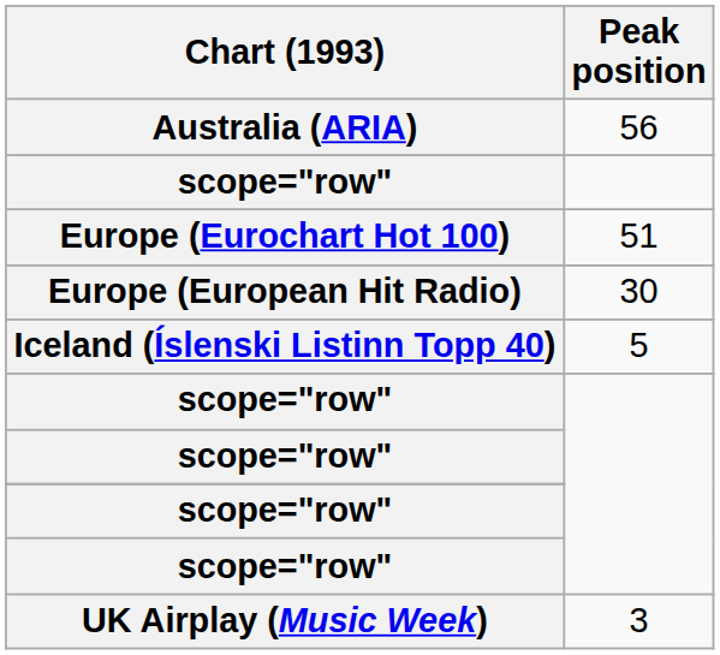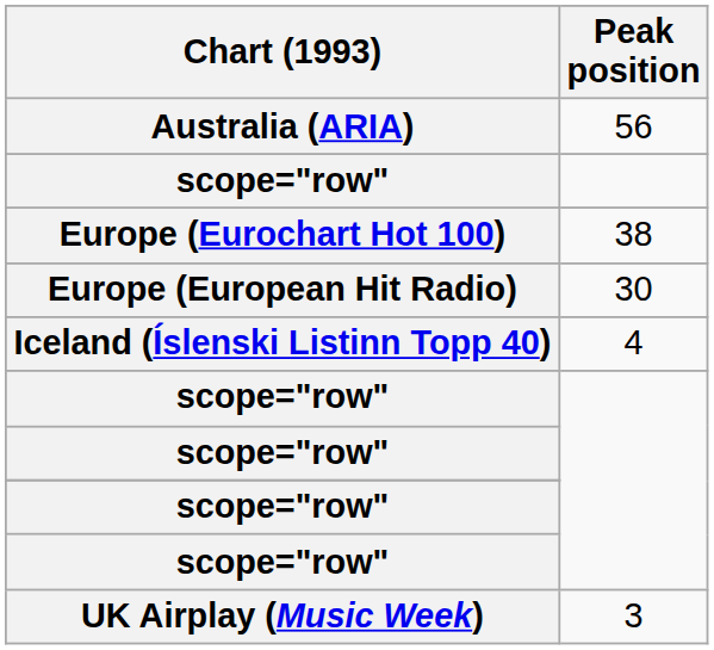 <table class="wikitable plainrowheaders sortable" style="text-align:center">
 <tr>
 <th scope="col">Chart (1993)</th>
 <th scope="col">Peak<br>position</th>
 </tr>
 <tr>
 <th scope="row">Australia (<a href='#'>ARIA</a>)</th>
 <td>56</td>
 </tr>
 <tr>
 <th>scope="row" </th>
 </tr>
 <tr>
 <th scope="row">Europe (<a href='#'>Eurochart Hot 100</a>)</th>
-<td>51</td>
+<td>38</td>
 </tr>
 <tr>
 <th scope="row">Europe (European Hit Radio)</th>
 <td>30</td>
 </tr>
 <tr>
 <th scope="row">Iceland (<a href='#'>Íslenski Listinn Topp 40</a>)</th>
-<td>5</td>
+<td>4</td>
 </tr>
 <tr>
 <th>scope="row" </th>
 </tr>
 <tr>
 <th>scope="row" </th>
 </tr>
 <tr>
 </tr>
 <tr>
 <th>scope="row" </th>
 </tr>
 <tr>
 <th>scope="row" </th>
 </tr>
 <tr>
 <th scope="row">UK Airplay (<em><a href='#'>Music Week</a></em>)</th>
 <td>3</td>
 </tr>
 </table>
